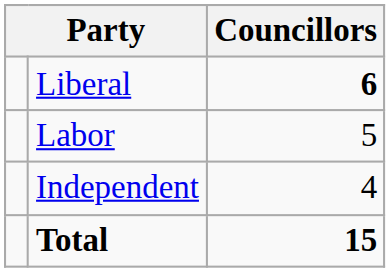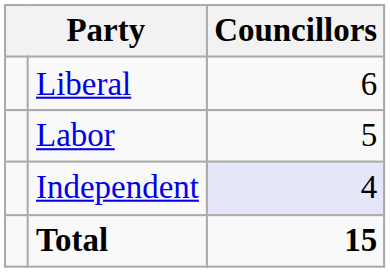 <table class="wikitable">
 <tr>
 <th colspan="2">Party</th>
 <th>Councillors</th>
 </tr>
 <tr>
 <td> </td>
 <td><a href='#'>Liberal</a></td>
-<td align=right><strong>6</strong></td>
+<td align=right>6</td>
 </tr>
 <tr>
 <td> </td>
 <td><a href='#'>Labor</a></td>
 <td align=right>5</td>
 </tr>
 <tr>
 <td> </td>
 <td><a href='#'>Independent</a></td>
-<td align=right>4</td>
+<td align=right style="background: lavender;">4</td>
 </tr>
 <tr>
 <td></td>
 <td><strong>Total</strong></td>
 <td align=right><strong>15</strong></td>
 </tr>
 </table>
